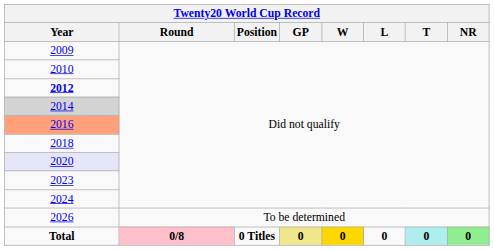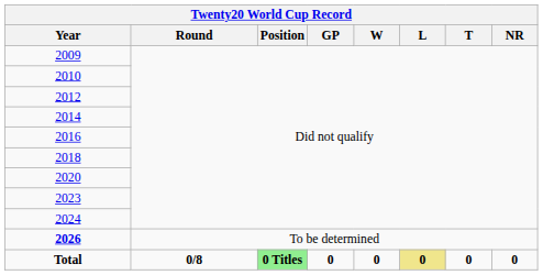 <table class="wikitable" style="text-align: center; width=900px;">
 <tr>
 <th colspan="8"><a href='#'>Twenty20 World Cup Record</a></th>
 </tr>
 <tr>
 <th width=150>Year</th>
 <th width=150>Round</th>
 <th width=50>Position</th>
 <th width=50>GP</th>
 <th width=50>W</th>
 <th width=50>L</th>
 <th width=50>T</th>
 <th width=50>NR</th>
 </tr>
 <tr>
 <td> <a href='#'>2009</a></td>
 <td colspan=7  rowspan=9>Did not qualify</td>
 </tr>
 <tr>
 <td> <a href='#'>2010</a></td>
 </tr>
 <tr>
-<td><strong> <a href='#'>2012</a></strong></td>
+<td> <a href='#'>2012</a></td>
 </tr>
 <tr>
-<td style="background: lightgrey;"> <a href='#'>2014</a></td>
+<td> <a href='#'>2014</a></td>
 </tr>
 <tr>
-<td style="background: lightsalmon;"> <a href='#'>2016</a></td>
+<td> <a href='#'>2016</a></td>
 </tr>
 <tr>
 <td> <a href='#'>2018</a></td>
 </tr>
 <tr>
-<td style="background: lavender;"> <a href='#'>2020</a></td>
+<td> <a href='#'>2020</a></td>
 </tr>
 <tr>
 <td> <a href='#'>2023</a></td>
 </tr>
 <tr>
 <td> <a href='#'>2024</a></td>
 </tr>
 <tr>
-<td> <a href='#'>2026</a></td>
+<td><strong> <a href='#'>2026</a></strong></td>
 <td colspan=8>To be determined</td>
 </tr>
 <tr>
 <td><strong>Total</strong></td>
-<td style="background: pink;"><strong>0/8</strong></td>
-<td><strong>0 Titles</strong></td>
+<td><strong>0/8</strong></td>
+<td style="background: lightgreen;"><strong>0 Titles</strong></td>
+<td><strong>0</strong></td>
+<td><strong>0</strong></td>
 <td style="background: khaki;"><strong>0</strong></td>
-<td style="background: gold;"><strong>0</strong></td>
 <td><strong>0</strong></td>
-<td style="background: paleturquoise;"><strong>0</strong></td>
-<td style="background: lightgreen;"><strong>0</strong></td>
+<td><strong>0</strong></td>
 </tr>
 </table>
